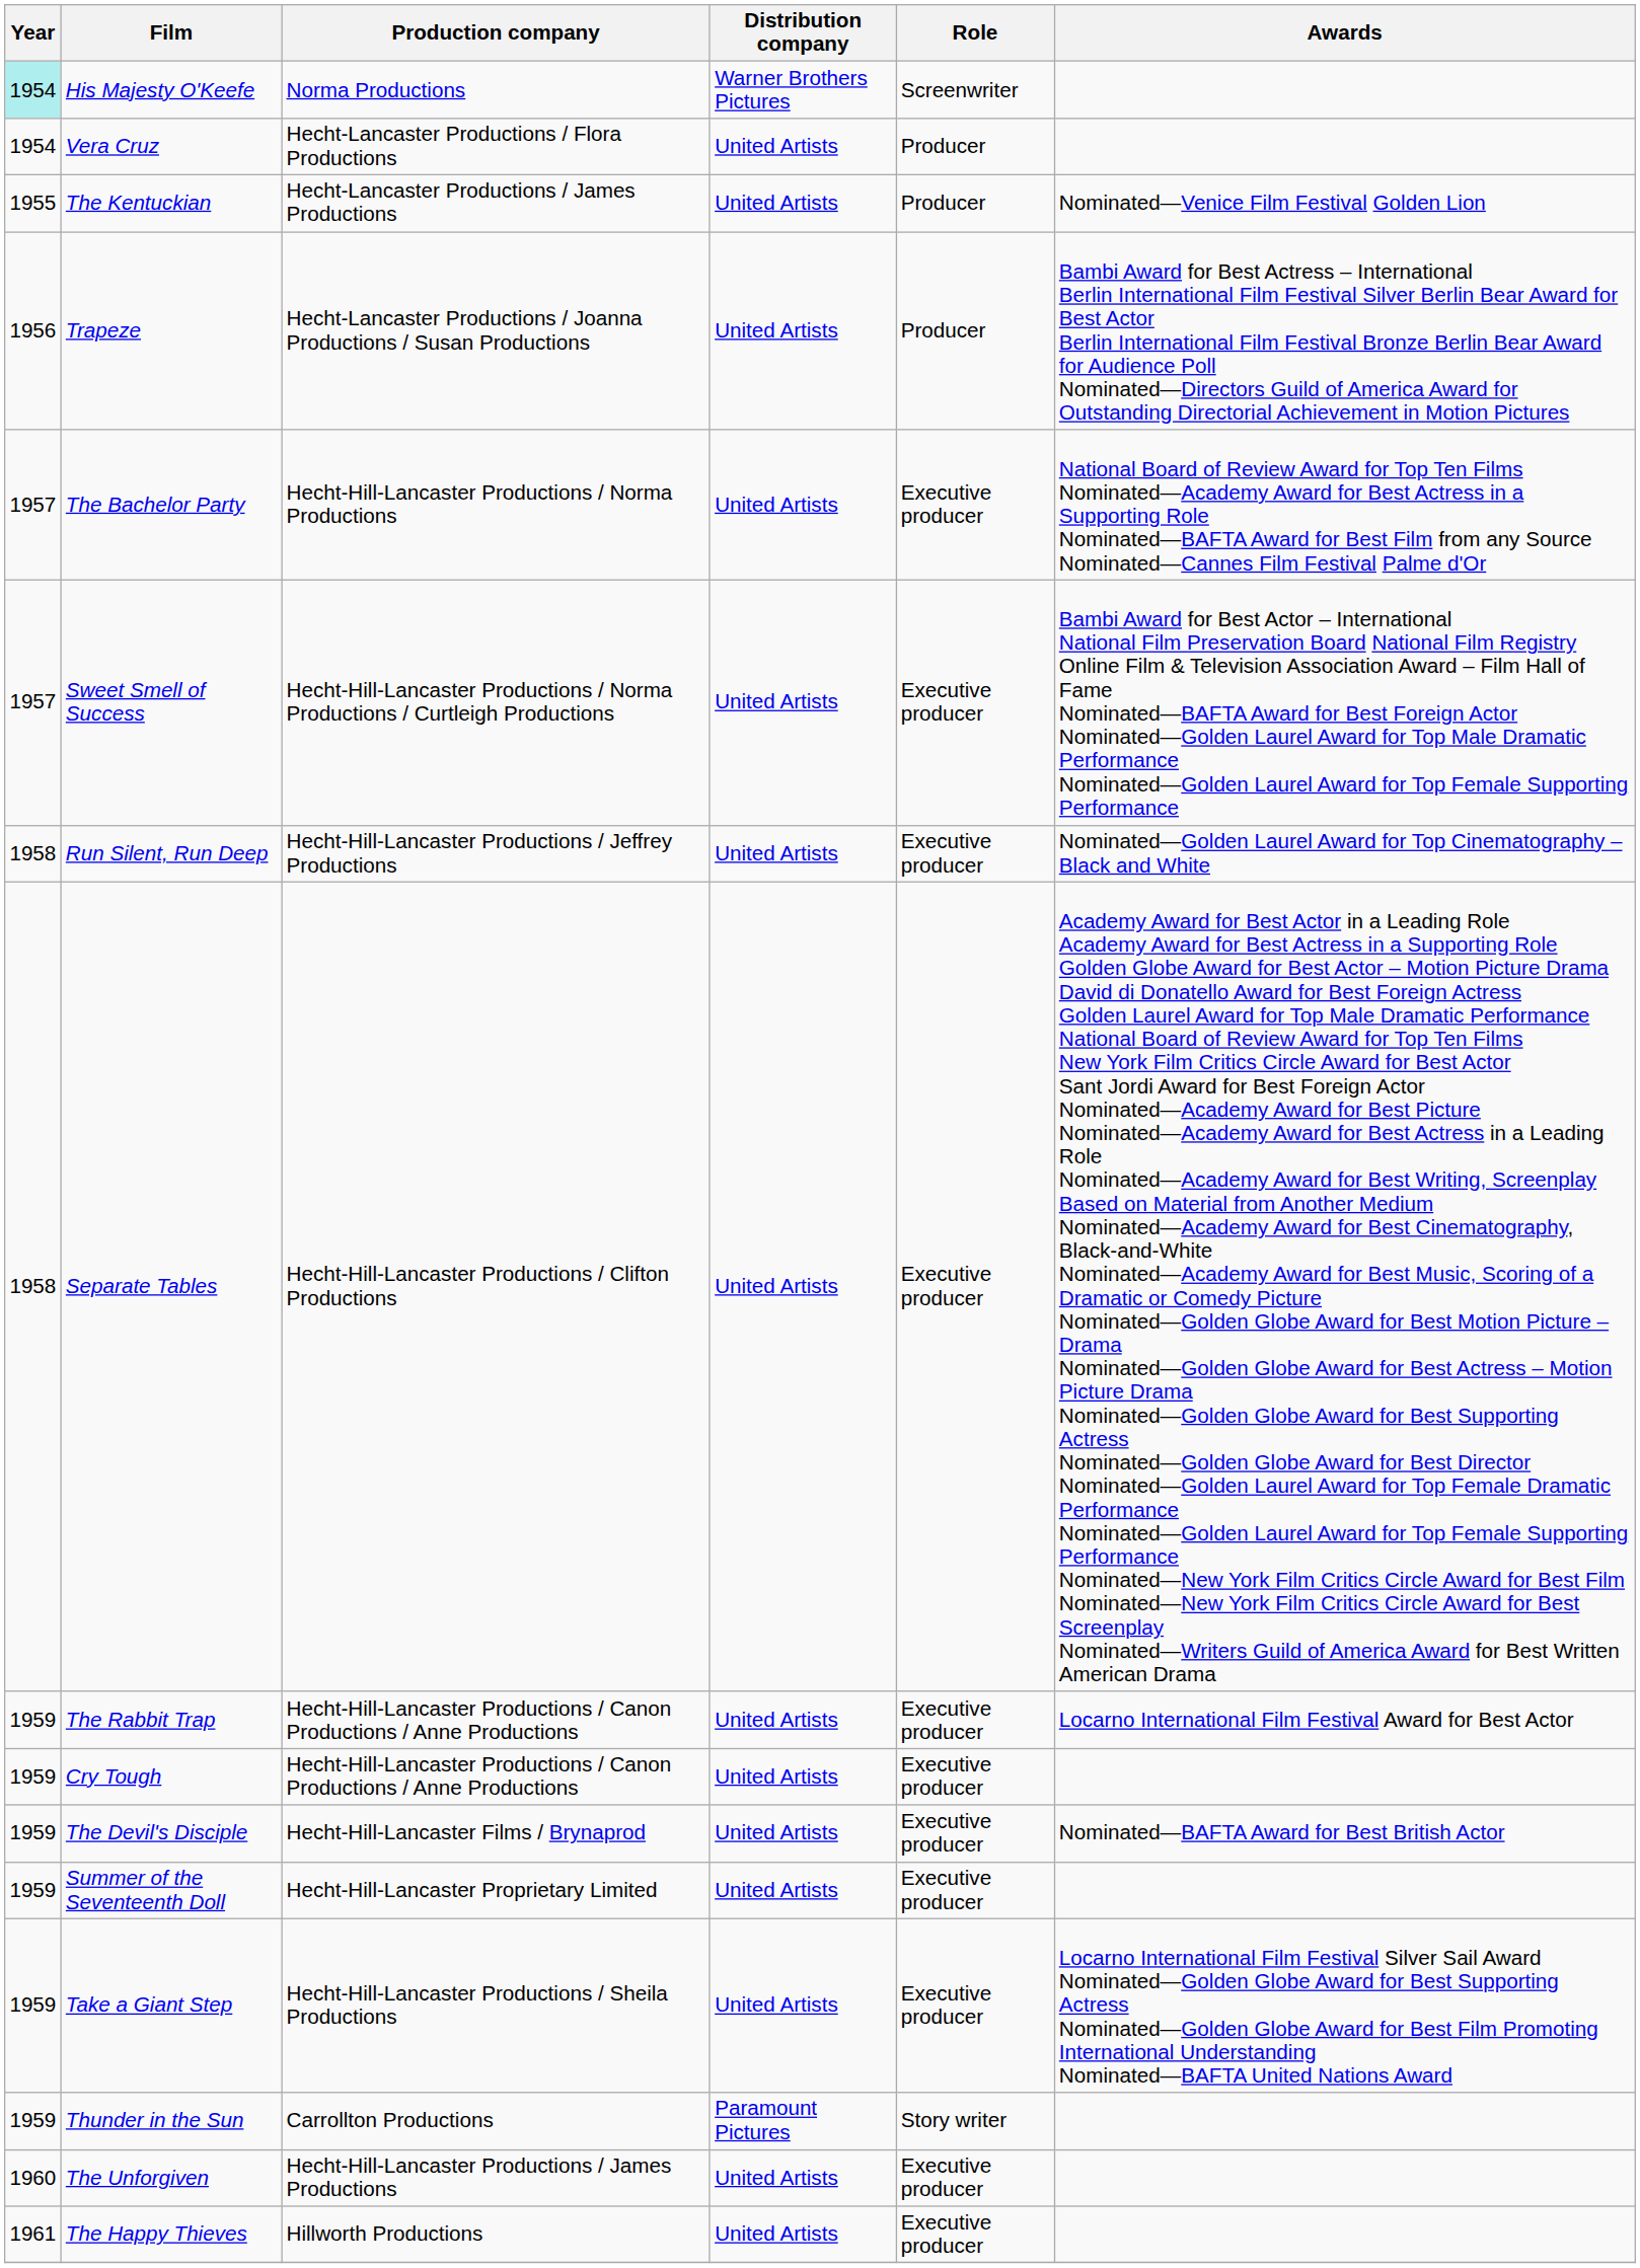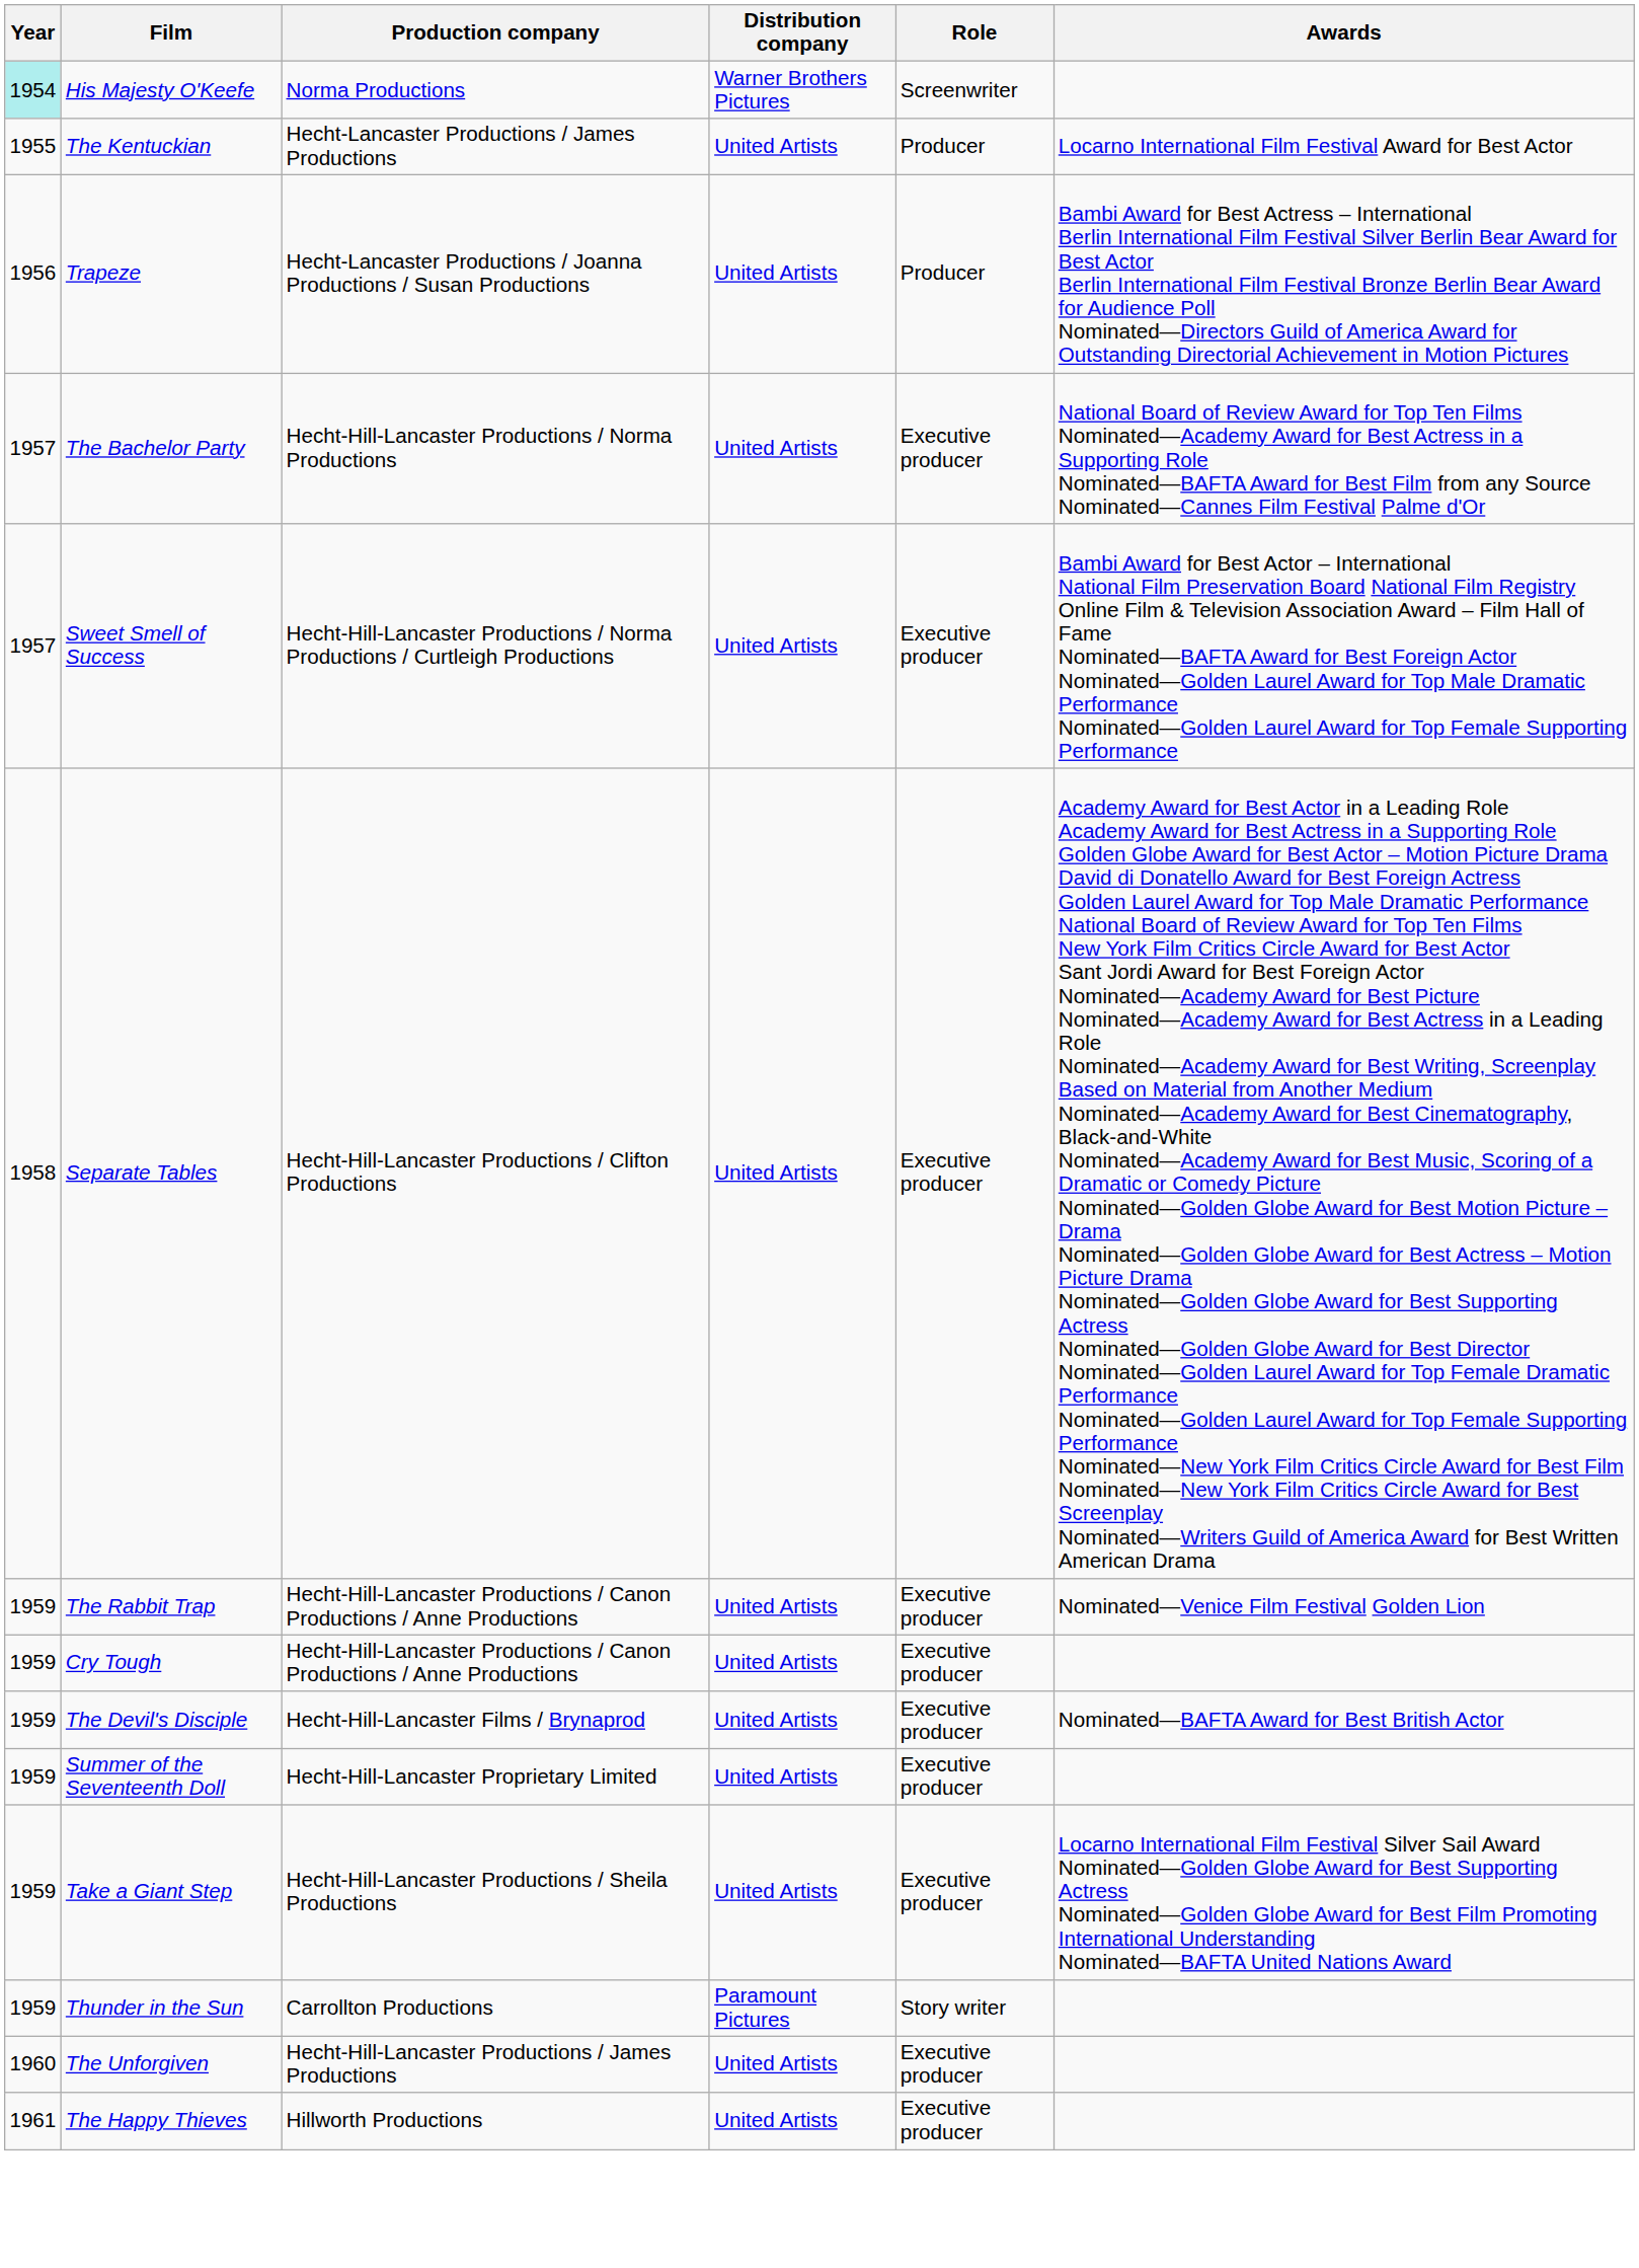 <table class="wikitable sortable">
 <tr>
 <th>Year</th>
 <th>Film</th>
 <th>Production company</th>
 <th>Distribution company</th>
 <th>Role</th>
 <th class="unsortable">Awards</th>
 </tr>
 <tr>
 <td style="background: paleturquoise;">1954</td>
 <td><em><a href='#'>His Majesty O'Keefe</a></em></td>
 <td><a href='#'>Norma Productions</a></td>
 <td><a href='#'>Warner Brothers Pictures</a></td>
 <td>Screenwriter</td>
 <td></td>
 </tr>
 <tr>
-<td>1954</td>
-<td><em><a href='#'>Vera Cruz</a></em></td>
-<td>Hecht-Lancaster Productions / Flora Productions</td>
-<td><a href='#'>United Artists</a></td>
-<td>Producer</td>
-<td></td>
-</tr>
-<tr>
 <td>1955</td>
 <td><em><a href='#'>The Kentuckian</a></em></td>
 <td>Hecht-Lancaster Productions / James Productions</td>
 <td><a href='#'>United Artists</a></td>
 <td>Producer</td>
-<td>Nominated—<a href='#'>Venice Film Festival</a> <a href='#'>Golden Lion</a><br></td>
+<td><a href='#'>Locarno International Film Festival</a> Award for Best Actor<br></td>
 </tr>
 <tr>
 <td>1956</td>
 <td><em><a href='#'>Trapeze</a></em></td>
 <td>Hecht-Lancaster Productions / Joanna Productions / Susan Productions</td>
 <td><a href='#'>United Artists</a></td>
 <td>Producer</td>
 <td><br><a href='#'>Bambi Award</a> for Best Actress – International<br> <a href='#'>Berlin International Film Festival Silver Berlin Bear Award for Best Actor</a><br> <a href='#'>Berlin International Film Festival Bronze Berlin Bear Award for Audience Poll</a><br> Nominated—<a href='#'>Directors Guild of America Award for Outstanding Directorial Achievement in Motion Pictures</a><br></td>
 </tr>
 <tr>
 <td>1957</td>
 <td><em><a href='#'>The Bachelor Party</a></em></td>
 <td>Hecht-Hill-Lancaster Productions / Norma Productions</td>
 <td><a href='#'>United Artists</a></td>
 <td>Executive producer</td>
 <td><br><a href='#'>National Board of Review Award for Top Ten Films</a><br> Nominated—<a href='#'>Academy Award for Best Actress in a Supporting Role</a><br> Nominated—<a href='#'>BAFTA Award for Best Film</a> from any Source<br> Nominated—<a href='#'>Cannes Film Festival</a> <a href='#'>Palme d'Or</a><br></td>
 </tr>
 <tr>
 <td>1957</td>
 <td><em><a href='#'>Sweet Smell of Success</a></em></td>
 <td>Hecht-Hill-Lancaster Productions / Norma Productions / Curtleigh Productions</td>
 <td><a href='#'>United Artists</a></td>
 <td>Executive producer</td>
 <td><br><a href='#'>Bambi Award</a> for Best Actor – International<br> <a href='#'>National Film Preservation Board</a> <a href='#'>National Film Registry</a><br> Online Film & Television Association Award – Film Hall of Fame<br> Nominated—<a href='#'>BAFTA Award for Best Foreign Actor</a><br> Nominated—<a href='#'>Golden Laurel Award for Top Male Dramatic Performance</a><br> Nominated—<a href='#'>Golden Laurel Award for Top Female Supporting Performance</a><br></td>
 </tr>
 <tr>
 <td>1958</td>
-<td><em><a href='#'>Run Silent, Run Deep</a></em></td>
-<td>Hecht-Hill-Lancaster Productions / Jeffrey Productions</td>
-<td><a href='#'>United Artists</a></td>
-<td>Executive producer</td>
-<td>Nominated—<a href='#'>Golden Laurel Award for Top Cinematography – Black and White</a><br></td>
-</tr>
-<tr>
-<td>1958</td>
 <td><em><a href='#'>Separate Tables</a></em></td>
 <td>Hecht-Hill-Lancaster Productions / Clifton Productions</td>
 <td><a href='#'>United Artists</a></td>
 <td>Executive producer</td>
 <td><br><a href='#'>Academy Award for Best Actor</a> in a Leading Role<br> <a href='#'>Academy Award for Best Actress in a Supporting Role</a><br> <a href='#'>Golden Globe Award for Best Actor – Motion Picture Drama</a><br> <a href='#'>David di Donatello Award for Best Foreign Actress</a><br> <a href='#'>Golden Laurel Award for Top Male Dramatic Performance</a><br> <a href='#'>National Board of Review Award for Top Ten Films</a><br> <a href='#'>New York Film Critics Circle Award for Best Actor</a><br> Sant Jordi Award for Best Foreign Actor<br> Nominated—<a href='#'>Academy Award for Best Picture</a><br> Nominated—<a href='#'>Academy Award for Best Actress</a> in a Leading Role<br> Nominated—<a href='#'>Academy Award for Best Writing, Screenplay Based on Material from Another Medium</a><br> Nominated—<a href='#'>Academy Award for Best Cinematography</a>, Black-and-White<br> Nominated—<a href='#'>Academy Award for Best Music, Scoring of a Dramatic or Comedy Picture</a><br> Nominated—<a href='#'>Golden Globe Award for Best Motion Picture – Drama</a><br> Nominated—<a href='#'>Golden Globe Award for Best Actress – Motion Picture Drama</a><br> Nominated—<a href='#'>Golden Globe Award for Best Supporting Actress</a><br> Nominated—<a href='#'>Golden Globe Award for Best Director</a><br> Nominated—<a href='#'>Golden Laurel Award for Top Female Dramatic Performance</a><br> Nominated—<a href='#'>Golden Laurel Award for Top Female Supporting Performance</a><br> Nominated—<a href='#'>New York Film Critics Circle Award for Best Film</a><br> Nominated—<a href='#'>New York Film Critics Circle Award for Best Screenplay</a><br> Nominated—<a href='#'>Writers Guild of America Award</a> for Best Written American Drama<br></td>
 </tr>
 <tr>
 <td>1959</td>
 <td><em><a href='#'>The Rabbit Trap</a></em></td>
 <td>Hecht-Hill-Lancaster Productions / Canon Productions / Anne Productions</td>
 <td><a href='#'>United Artists</a></td>
 <td>Executive producer</td>
-<td><a href='#'>Locarno International Film Festival</a> Award for Best Actor<br></td>
+<td>Nominated—<a href='#'>Venice Film Festival</a> <a href='#'>Golden Lion</a><br></td>
 </tr>
 <tr>
 <td>1959</td>
 <td><em><a href='#'>Cry Tough</a></em></td>
 <td>Hecht-Hill-Lancaster Productions / Canon Productions / Anne Productions</td>
 <td><a href='#'>United Artists</a></td>
 <td>Executive producer</td>
 <td></td>
 </tr>
 <tr>
 <td>1959</td>
 <td><em><a href='#'>The Devil's Disciple</a></em></td>
 <td>Hecht-Hill-Lancaster Films / <a href='#'>Brynaprod</a></td>
 <td><a href='#'>United Artists</a></td>
 <td>Executive producer</td>
 <td>Nominated—<a href='#'>BAFTA Award for Best British Actor</a><br></td>
 </tr>
 <tr>
 <td>1959</td>
 <td><em><a href='#'>Summer of the Seventeenth Doll</a></em></td>
 <td>Hecht-Hill-Lancaster Proprietary Limited</td>
 <td><a href='#'>United Artists</a></td>
 <td>Executive producer</td>
 <td></td>
 </tr>
 <tr>
 <td>1959</td>
 <td><em><a href='#'>Take a Giant Step</a></em></td>
 <td>Hecht-Hill-Lancaster Productions / Sheila Productions</td>
 <td><a href='#'>United Artists</a></td>
 <td>Executive producer</td>
 <td><br><a href='#'>Locarno International Film Festival</a> Silver Sail Award<br> Nominated—<a href='#'>Golden Globe Award for Best Supporting Actress</a><br> Nominated—<a href='#'>Golden Globe Award for Best Film Promoting International Understanding</a><br> Nominated—<a href='#'>BAFTA United Nations Award</a><br></td>
 </tr>
 <tr>
 <td>1959</td>
 <td><em><a href='#'>Thunder in the Sun</a></em></td>
 <td>Carrollton Productions</td>
 <td><a href='#'>Paramount Pictures</a></td>
 <td>Story writer</td>
 <td></td>
 </tr>
 <tr>
 <td>1960</td>
 <td><em><a href='#'>The Unforgiven</a></em></td>
 <td>Hecht-Hill-Lancaster Productions / James Productions</td>
 <td><a href='#'>United Artists</a></td>
 <td>Executive producer</td>
 <td></td>
 </tr>
 <tr>
 <td>1961</td>
 <td><em><a href='#'>The Happy Thieves</a></em></td>
 <td>Hillworth Productions</td>
 <td><a href='#'>United Artists</a></td>
 <td>Executive producer</td>
 <td></td>
 </tr>
 <tr>
 </tr>
 </table>
